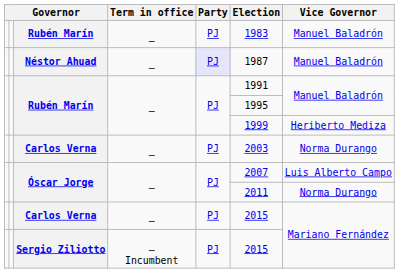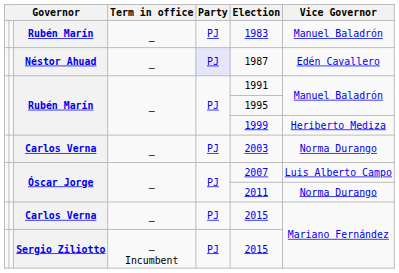 <table class="wikitable sortable" style="text-align: center;">
 <tr>
 <th scope="col" colspan="3">Governor</th>
 <th scope="col">Term in office</th>
 <th scope="col">Party</th>
 <th scope="col">Election</th>
 <th scope="col">Vice Governor</th>
 </tr>
 <tr style="height:2em;">
 <td data-sort-value="Marín, Rubén"></td>
 <td style="background:"></td>
 <th scope="row"><a href='#'>Rubén Marín</a></th>
 <td><br>–<br></td>
 <td><a href='#'>PJ</a></td>
 <td><a href='#'>1983</a></td>
 <td data-sort-value="Baladrón, Manuel"><a href='#'>Manuel Baladrón</a></td>
 </tr>
 <tr style="height:2em;">
 <td data-sort-value="Ahuad, Néstor"></td>
 <td style="background:"></td>
 <th scope="row"><a href='#'>Néstor Ahuad</a></th>
 <td><br>–<br></td>
 <td style="background: lavender;"><a href='#'>PJ</a></td>
 <td>1987</td>
-<td data-sort-value="Baladrón, Manuel"><a href='#'>Manuel Baladrón</a></td>
+<td data-sort-value="Cavallero, Edén"><a href='#'>Edén Cavallero</a></td>
 </tr>
 <tr style="height:2em;">
 <td rowspan="3" data-sort-value="Marín, Rubén"></td>
 <td rowspan="3" style="background:"></td>
 <th rowspan="3" scope="row"><a href='#'>Rubén Marín</a></th>
 <td rowspan="3"><br>–<br></td>
 <td rowspan="3"><a href='#'>PJ</a></td>
 <td>1991</td>
 <td rowspan="2" data-sort-value="Baladrón, Manuel"><a href='#'>Manuel Baladrón</a></td>
 </tr>
 <tr style="height:2em;">
 <td>1995</td>
 </tr>
 <tr style="height:2em;">
 <td><a href='#'>1999</a></td>
 <td data-sort-value="Mediza, Heriberto"><a href='#'>Heriberto Mediza</a></td>
 </tr>
 <tr style="height:2em;">
 <td data-sort-value="Verna, Carlos"></td>
 <td style="background:"></td>
 <th scope="row"><a href='#'>Carlos Verna</a></th>
 <td><br>–<br></td>
 <td><a href='#'>PJ</a></td>
 <td><a href='#'>2003</a></td>
 <td data-sort-value="Durango, Norma"><a href='#'>Norma Durango</a></td>
 </tr>
 <tr style="height:2em;">
 <td rowspan="2" data-sort-value="Jorge, Oscar"></td>
 <td rowspan="2" style="background:"></td>
 <th rowspan="2" scope="row"><a href='#'>Óscar Jorge</a></th>
 <td rowspan="2"><br>–<br></td>
 <td rowspan="2"><a href='#'>PJ</a></td>
 <td><a href='#'>2007</a></td>
 <td data-sort-value="Campo, Luis Alberto"><a href='#'>Luis Alberto Campo</a></td>
 </tr>
 <tr style="height:2em;">
 <td><a href='#'>2011</a></td>
 <td data-sort-value="Durango, Norma"><a href='#'>Norma Durango</a></td>
 </tr>
 <tr style="height:2em;">
 <td data-sort-value="Verna, Carlos"></td>
 <td style="background:"></td>
 <th scope="row"><a href='#'>Carlos Verna</a></th>
 <td><br>–<br></td>
 <td><a href='#'>PJ</a></td>
 <td><a href='#'>2015</a></td>
 <td rowspan="2" data-sort-value="Fernández, Mariano"><a href='#'>Mariano Fernández</a></td>
 </tr>
 <tr style="height:2em;">
 <td data-sort-value="Ziliotto, Sergio"></td>
 <td style="background:"></td>
 <th scope="row"><a href='#'>Sergio Ziliotto</a></th>
 <td><br>–<br>Incumbent</td>
 <td><a href='#'>PJ</a></td>
 <td><a href='#'>2015</a></td>
 </tr>
 </table>
